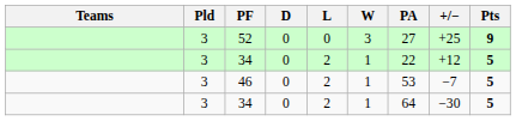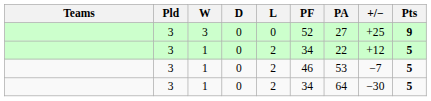 <table class="wikitable" style="text-align: center;">
 <tr>
 <th width="200">Teams</th>
 <th width="40">Pld</th>
-<th width="40">PF</th>
+<th width="40">W</th>
 <th width="40">D</th>
 <th width="40">L</th>
-<th width="40">W</th>
+<th width="40">PF</th>
 <th width="40">PA</th>
 <th width="40">+/−</th>
 <th width="40">Pts</th>
 </tr>
 <tr bgcolor=ccffcc>
 <td align=left></td>
 <td>3</td>
-<td>52</td>
+<td>3</td>
 <td>0</td>
 <td>0</td>
-<td>3</td>
+<td>52</td>
 <td>27</td>
 <td>+25</td>
 <td><strong>9</strong></td>
 </tr>
 <tr bgcolor=ccffcc>
 <td align=left></td>
 <td>3</td>
-<td>34</td>
+<td>1</td>
 <td>0</td>
 <td>2</td>
-<td>1</td>
+<td>34</td>
 <td>22</td>
 <td>+12</td>
 <td><strong>5</strong></td>
 </tr>
 <tr>
 <td align=left></td>
 <td>3</td>
-<td>46</td>
+<td>1</td>
 <td>0</td>
 <td>2</td>
-<td>1</td>
+<td>46</td>
 <td>53</td>
 <td>−7</td>
 <td><strong>5</strong></td>
 </tr>
 <tr>
 <td align=left></td>
 <td>3</td>
-<td>34</td>
+<td>1</td>
 <td>0</td>
 <td>2</td>
-<td>1</td>
+<td>34</td>
 <td>64</td>
 <td>−30</td>
 <td><strong>5</strong></td>
 </tr>
 </table>
